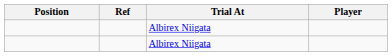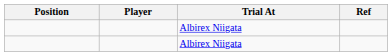 <table class="wikitable sortable" style="width:70%; text-align:center; font-size:100%; text-align:left;">
 <tr>
 <th><strong>Position</strong></th>
+<th><strong>Player</strong></th>
+<th><strong>Trial At</strong></th>
 <th><strong>Ref</strong></th>
-<th><strong>Trial At</strong></th>
-<th><strong>Player</strong></th>
 </tr>
 <tr>
 <td></td>
 <td></td>
 <td> <a href='#'>Albirex Niigata</a></td>
 <td></td>
 </tr>
 <tr>
 <td></td>
 <td></td>
 <td> <a href='#'>Albirex Niigata</a></td>
 <td></td>
 </tr>
 </table>
